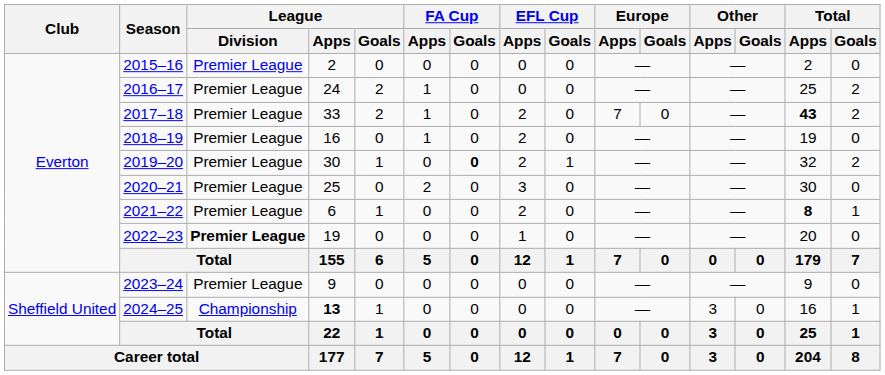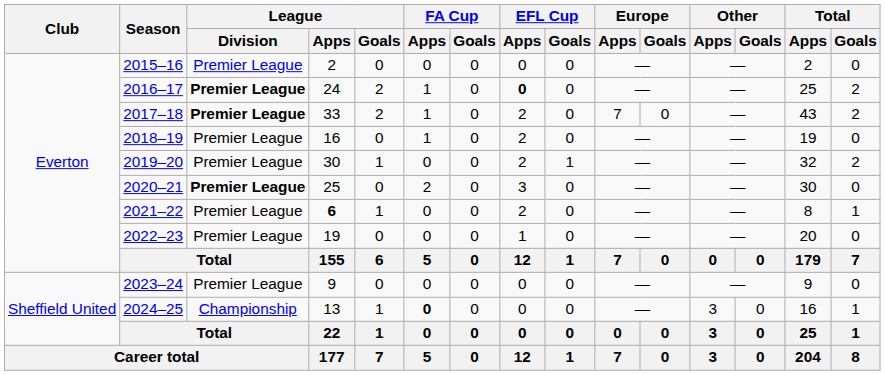 <table class=wikitable style=text-align:center>
 <tr>
 <th rowspan="2">Club</th>
 <th rowspan="2">Season</th>
 <th colspan="3">League</th>
 <th colspan="2"><a href='#'>FA Cup</a></th>
 <th colspan="2"><a href='#'>EFL Cup</a></th>
 <th colspan="2">Europe</th>
 <th colspan="2">Other</th>
 <th colspan="2">Total</th>
 </tr>
 <tr>
 <th>Division</th>
 <th>Apps</th>
 <th>Goals</th>
 <th>Apps</th>
 <th>Goals</th>
 <th>Apps</th>
 <th>Goals</th>
 <th>Apps</th>
 <th>Goals</th>
 <th>Apps</th>
 <th>Goals</th>
 <th>Apps</th>
 <th>Goals</th>
 </tr>
 <tr>
 <td rowspan="9"><a href='#'>Everton</a></td>
 <td><a href='#'>2015–16</a></td>
 <td><a href='#'>Premier League</a></td>
 <td>2</td>
 <td>0</td>
 <td>0</td>
 <td>0</td>
 <td>0</td>
 <td>0</td>
 <td colspan=2>—</td>
 <td colspan="2">—</td>
 <td>2</td>
 <td>0</td>
 </tr>
 <tr>
 <td><a href='#'>2016–17</a></td>
-<td>Premier League</td>
+<td><strong>Premier League</strong></td>
 <td>24</td>
 <td>2</td>
 <td>1</td>
 <td>0</td>
-<td>0</td>
+<td><strong>0</strong></td>
 <td>0</td>
 <td colspan=2>—</td>
 <td colspan="2">—</td>
 <td>25</td>
 <td>2</td>
 </tr>
 <tr>
 <td><a href='#'>2017–18</a></td>
-<td>Premier League</td>
+<td><strong>Premier League</strong></td>
 <td>33</td>
 <td>2</td>
 <td>1</td>
 <td>0</td>
 <td>2</td>
 <td>0</td>
 <td>7</td>
 <td>0</td>
 <td colspan="2">—</td>
-<td><strong>43</strong></td>
+<td>43</td>
 <td>2</td>
 </tr>
 <tr>
 <td><a href='#'>2018–19</a></td>
 <td>Premier League</td>
 <td>16</td>
 <td>0</td>
 <td>1</td>
 <td>0</td>
 <td>2</td>
 <td>0</td>
 <td colspan=2>—</td>
 <td colspan="2">—</td>
 <td>19</td>
 <td>0</td>
 </tr>
 <tr>
 <td><a href='#'>2019–20</a></td>
 <td>Premier League</td>
 <td>30</td>
 <td>1</td>
 <td>0</td>
-<td><strong>0</strong></td>
+<td>0</td>
 <td>2</td>
 <td>1</td>
 <td colspan=2>—</td>
 <td colspan="2">—</td>
 <td>32</td>
 <td>2</td>
 </tr>
 <tr>
 <td><a href='#'>2020–21</a></td>
-<td>Premier League</td>
+<td><strong>Premier League</strong></td>
 <td>25</td>
 <td>0</td>
 <td>2</td>
 <td>0</td>
 <td>3</td>
 <td>0</td>
 <td colspan=2>—</td>
 <td colspan="2">—</td>
 <td>30</td>
 <td>0</td>
 </tr>
 <tr>
 <td><a href='#'>2021–22</a></td>
 <td>Premier League</td>
-<td>6</td>
+<td><strong>6</strong></td>
 <td>1</td>
 <td>0</td>
 <td>0</td>
 <td>2</td>
 <td>0</td>
 <td colspan=2>—</td>
 <td colspan="2">—</td>
-<td><strong>8</strong></td>
+<td>8</td>
 <td>1</td>
 </tr>
 <tr>
 <td><a href='#'>2022–23</a></td>
-<td><strong>Premier League</strong></td>
+<td>Premier League</td>
 <td>19</td>
 <td>0</td>
 <td>0</td>
 <td>0</td>
 <td>1</td>
 <td>0</td>
 <td colspan=2>—</td>
 <td colspan="2">—</td>
 <td>20</td>
 <td>0</td>
 </tr>
 <tr>
 <th colspan="2">Total</th>
 <th>155</th>
 <th>6</th>
 <th>5</th>
 <th>0</th>
 <th>12</th>
 <th>1</th>
 <th>7</th>
 <th>0</th>
 <th>0</th>
 <th>0</th>
 <th>179</th>
 <th>7</th>
 </tr>
 <tr>
 <td rowspan="3"><a href='#'>Sheffield United</a></td>
 <td><a href='#'>2023–24</a></td>
 <td>Premier League</td>
 <td>9</td>
 <td>0</td>
 <td>0</td>
 <td>0</td>
 <td>0</td>
 <td>0</td>
 <td colspan=2>—</td>
 <td colspan="2">—</td>
 <td>9</td>
 <td>0</td>
 </tr>
 <tr>
 <td><a href='#'>2024–25</a></td>
 <td><a href='#'>Championship</a></td>
-<td><strong>13</strong></td>
+<td>13</td>
 <td>1</td>
-<td>0</td>
+<td><strong>0</strong></td>
 <td>0</td>
 <td>0</td>
 <td>0</td>
 <td colspan=2>—</td>
 <td>3</td>
 <td>0</td>
 <td>16</td>
 <td>1</td>
 </tr>
 <tr>
 <th colspan="2">Total</th>
 <th>22</th>
 <th>1</th>
 <th>0</th>
 <th>0</th>
 <th>0</th>
 <th>0</th>
 <th>0</th>
 <th>0</th>
 <th>3</th>
 <th>0</th>
 <th>25</th>
 <th>1</th>
 </tr>
 <tr>
 <th colspan="3">Career total</th>
 <th>177</th>
 <th>7</th>
 <th>5</th>
 <th>0</th>
 <th>12</th>
 <th>1</th>
 <th>7</th>
 <th>0</th>
 <th>3</th>
 <th>0</th>
 <th>204</th>
 <th>8</th>
 </tr>
 </table>
